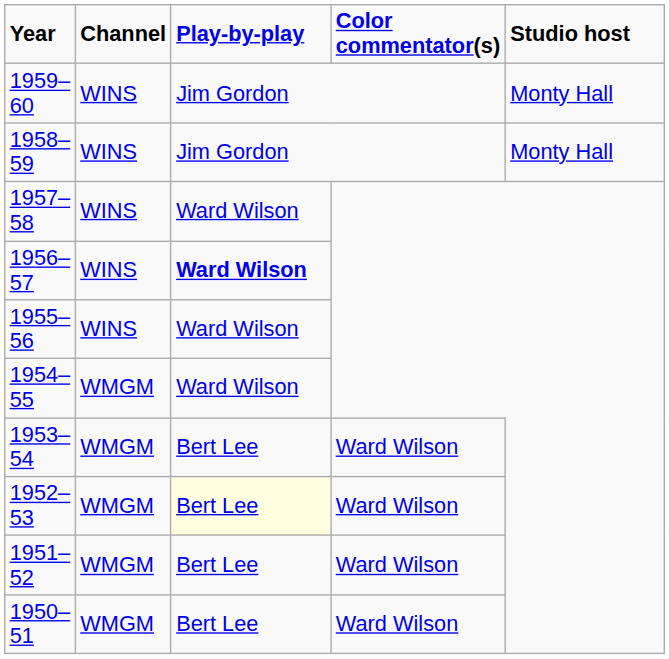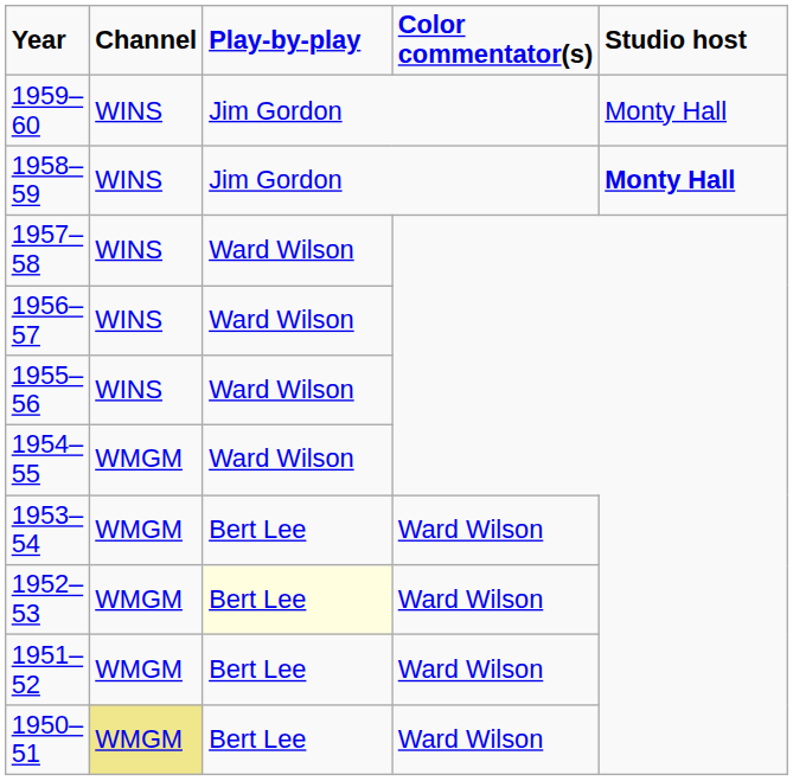 <table class="wikitable">
 <tr>
 <td width="40"><strong>Year</strong></td>
 <td width="40"><strong>Channel</strong></td>
 <td width="110"><strong><a href='#'>Play-by-play</a></strong></td>
 <td width="110"><strong><a href='#'>Color commentator</a>(s)</strong></td>
 <td width="110"><strong>Studio host</strong></td>
 </tr>
 <tr>
 <td><a href='#'>1959–60</a></td>
 <td><a href='#'>WINS</a></td>
 <td colspan="2"><a href='#'>Jim Gordon</a></td>
 <td><a href='#'>Monty Hall</a></td>
 </tr>
 <tr>
 <td><a href='#'>1958–59</a></td>
 <td><a href='#'>WINS</a></td>
 <td colspan="2"><a href='#'>Jim Gordon</a></td>
-<td><a href='#'>Monty Hall</a></td>
+<td><strong><a href='#'>Monty Hall</a></strong></td>
 </tr>
 <tr>
 <td><a href='#'>1957–58</a></td>
 <td><a href='#'>WINS</a></td>
 <td><a href='#'>Ward Wilson</a></td>
 </tr>
 <tr>
 <td><a href='#'>1956–57</a></td>
 <td><a href='#'>WINS</a></td>
-<td><strong><a href='#'>Ward Wilson</a></strong></td>
+<td><a href='#'>Ward Wilson</a></td>
 </tr>
 <tr>
 <td><a href='#'>1955–56</a></td>
 <td><a href='#'>WINS</a></td>
 <td><a href='#'>Ward Wilson</a></td>
 </tr>
 <tr>
 <td><a href='#'>1954–55</a></td>
 <td><a href='#'>WMGM</a></td>
 <td><a href='#'>Ward Wilson</a></td>
 </tr>
 <tr>
 <td><a href='#'>1953–54</a></td>
 <td><a href='#'>WMGM</a></td>
 <td><a href='#'>Bert Lee</a></td>
 <td><a href='#'>Ward Wilson</a></td>
 </tr>
 <tr>
 <td><a href='#'>1952–53</a></td>
 <td><a href='#'>WMGM</a></td>
 <td style="background: lightyellow;"><a href='#'>Bert Lee</a></td>
 <td><a href='#'>Ward Wilson</a></td>
 </tr>
 <tr>
 <td><a href='#'>1951–52</a></td>
 <td><a href='#'>WMGM</a></td>
 <td><a href='#'>Bert Lee</a></td>
 <td><a href='#'>Ward Wilson</a></td>
 </tr>
 <tr>
 <td><a href='#'>1950–51</a></td>
-<td><a href='#'>WMGM</a></td>
+<td style="background: khaki;"><a href='#'>WMGM</a></td>
 <td><a href='#'>Bert Lee</a></td>
 <td><a href='#'>Ward Wilson</a></td>
 </tr>
 </table>
